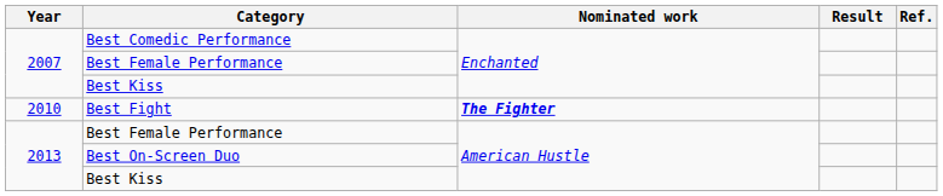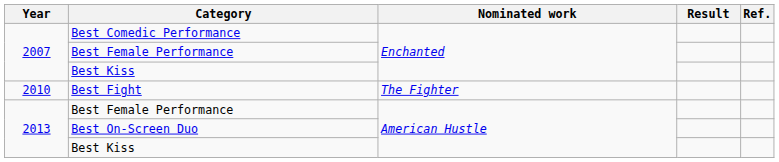 <table class=wikitable>
 <tr>
 <th scope="col" style="width:5em;">Year</th>
 <th scope="col" style="width:26em;">Category</th>
 <th scope="col" style="width:25em;">Nominated work</th>
 <th scope="col" style="width:5em;">Result</th>
 <th>Ref.</th>
 </tr>
 <tr>
 <td rowspan="3" style="text-align:center;"><a href='#'>2007</a></td>
 <td><a href='#'>Best Comedic Performance</a></td>
 <td rowspan="3"><em><a href='#'>Enchanted</a></em></td>
 <td></td>
 <td style="text-align:center;"></td>
 </tr>
 <tr>
 <td><a href='#'>Best Female Performance</a></td>
 <td></td>
 <td style="text-align:center;"></td>
 </tr>
 <tr>
 <td><a href='#'>Best Kiss</a></td>
 <td></td>
 <td style="text-align:center;"></td>
 </tr>
 <tr>
 <td style="text-align:center;"><a href='#'>2010</a></td>
 <td><a href='#'>Best Fight</a></td>
-<td><strong><em><a href='#'>The Fighter</a></em></strong></td>
+<td><em><a href='#'>The Fighter</a></em></td>
 <td></td>
 <td style="text-align:center;"></td>
 </tr>
 <tr>
 <td rowspan="3" style="text-align:center;"><a href='#'>2013</a></td>
 <td>Best Female Performance</td>
 <td rowspan="3"><em><a href='#'>American Hustle</a></em></td>
 <td></td>
 <td style="text-align:center;"></td>
 </tr>
 <tr>
 <td><a href='#'>Best On-Screen Duo</a></td>
 <td></td>
 <td style="text-align:center;"></td>
 </tr>
 <tr>
 <td>Best Kiss</td>
 <td></td>
 <td style="text-align:center;"></td>
 </tr>
 </table>
